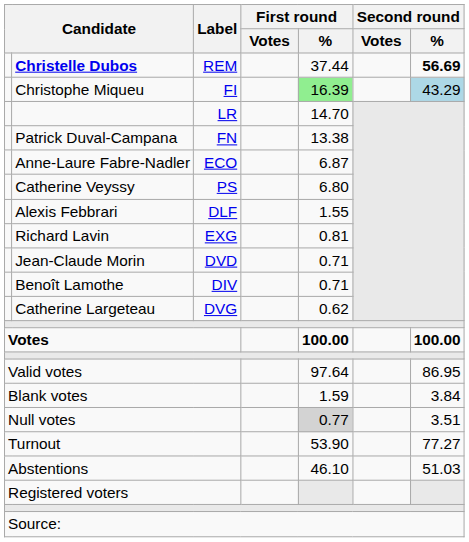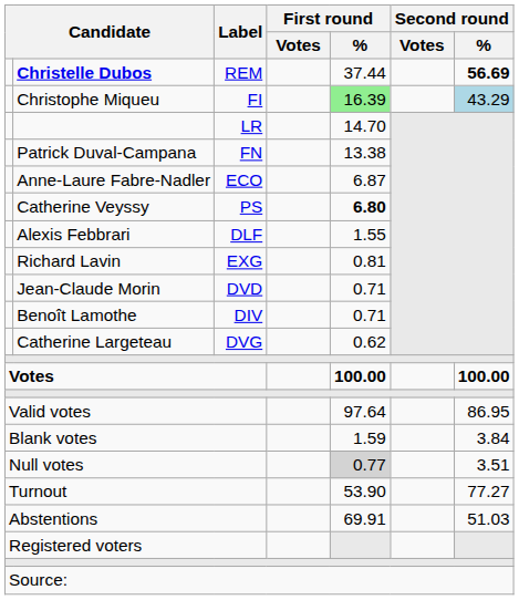 <table class="wikitable" style="text-align:right;font-size:95%;">
 <tr>
 <th rowspan="2" colspan="2">Candidate</th>
 <th rowspan="2">Label</th>
 <th colspan="2">First round</th>
 <th colspan="2">Second round</th>
 </tr>
 <tr>
 <th style="width:50px;">Votes</th>
 <th style="width:45px;">%</th>
 <th style="width:50px;">Votes</th>
 <th style="width:45px;">%</th>
 </tr>
 <tr>
 <td style="color:inherit;background:"></td>
 <td style="text-align:left;"><strong><a href='#'>Christelle Dubos</a></strong></td>
 <td><a href='#'>REM</a></td>
 <td></td>
 <td>37.44</td>
 <td><strong></strong></td>
 <td><strong>56.69</strong></td>
 </tr>
 <tr>
 <td style="color:inherit;background:"></td>
 <td style="text-align:left;">Christophe Miqueu</td>
 <td><a href='#'>FI</a></td>
 <td></td>
 <td style="background: lightgreen;">16.39</td>
 <td></td>
 <td style="background: lightblue;">43.29</td>
 </tr>
 <tr>
 <td style="color:inherit;background:"></td>
 <td style="text-align:left;"></td>
 <td><a href='#'>LR</a></td>
 <td></td>
 <td>14.70</td>
 <td colspan="2" rowspan="9" style="background:#E9E9E9;"></td>
 </tr>
 <tr>
 <td style="color:inherit;background:"></td>
 <td style="text-align:left;">Patrick Duval-Campana</td>
 <td><a href='#'>FN</a></td>
 <td></td>
 <td>13.38</td>
 </tr>
 <tr>
 <td style="color:inherit;background:"></td>
 <td style="text-align:left;">Anne-Laure Fabre-Nadler</td>
 <td><a href='#'>ECO</a></td>
 <td></td>
 <td>6.87</td>
 </tr>
 <tr>
 <td style="color:inherit;background:"></td>
 <td style="text-align:left;">Catherine Veyssy</td>
 <td><a href='#'>PS</a></td>
 <td></td>
-<td>6.80</td>
+<td><strong>6.80</strong></td>
 </tr>
 <tr>
 <td style="color:inherit;background:"></td>
 <td style="text-align:left;">Alexis Febbrari</td>
 <td><a href='#'>DLF</a></td>
 <td></td>
 <td>1.55</td>
 </tr>
 <tr>
 <td style="color:inherit;background:"></td>
 <td style="text-align:left;">Richard Lavin</td>
 <td><a href='#'>EXG</a></td>
 <td></td>
 <td>0.81</td>
 </tr>
 <tr>
 <td style="color:inherit;background:"></td>
 <td style="text-align:left;">Jean-Claude Morin</td>
 <td><a href='#'>DVD</a></td>
 <td></td>
 <td>0.71</td>
 </tr>
 <tr>
 <td style="color:inherit;background:"></td>
 <td style="text-align:left;">Benoît Lamothe</td>
 <td><a href='#'>DIV</a></td>
 <td></td>
 <td>0.71</td>
 </tr>
 <tr>
 <td style="color:inherit;background:"></td>
 <td style="text-align:left;">Catherine Largeteau</td>
 <td><a href='#'>DVG</a></td>
 <td></td>
 <td>0.62</td>
 </tr>
 <tr>
 <td colspan="7" style="background:#E9E9E9;"></td>
 </tr>
 <tr style="font-weight:bold;">
 <td colspan="3" style="text-align:left;">Votes</td>
 <td></td>
 <td>100.00</td>
 <td></td>
 <td>100.00</td>
 </tr>
 <tr>
 <td colspan="7" style="background:#E9E9E9;"></td>
 </tr>
 <tr>
 <td colspan="3" style="text-align:left;">Valid votes</td>
 <td></td>
 <td>97.64</td>
 <td></td>
 <td>86.95</td>
 </tr>
 <tr>
 <td colspan="3" style="text-align:left;">Blank votes</td>
 <td></td>
 <td>1.59</td>
 <td></td>
 <td>3.84</td>
 </tr>
 <tr>
 <td colspan="3" style="text-align:left;">Null votes</td>
 <td></td>
 <td style="background: lightgrey;">0.77</td>
 <td></td>
 <td>3.51</td>
 </tr>
 <tr>
 <td colspan="3" style="text-align:left;">Turnout</td>
 <td></td>
 <td>53.90</td>
 <td></td>
 <td>77.27</td>
 </tr>
 <tr>
 <td colspan="3" style="text-align:left;">Abstentions</td>
 <td></td>
-<td>46.10</td>
+<td>69.91</td>
 <td></td>
 <td>51.03</td>
 </tr>
 <tr>
 <td colspan="3" style="text-align:left;">Registered voters</td>
 <td></td>
 <td style="color:inherit;background:#E9E9E9;"></td>
 <td></td>
 <td style="color:inherit;background:#E9E9E9;"></td>
 </tr>
 <tr>
 <td colspan="7" style="background:#E9E9E9;"></td>
 </tr>
 <tr>
 <td colspan="7" style="text-align:left;">Source: </td>
 </tr>
 </table>
